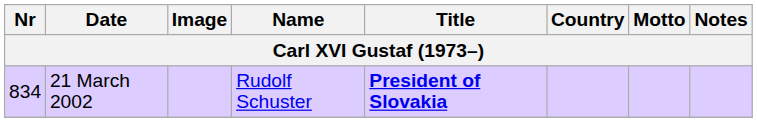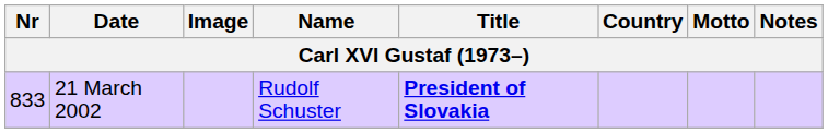 <table class="wikitable" width=100%>
 <tr>
 <th>Nr</th>
 <th>Date</th>
 <th>Image</th>
 <th>Name</th>
 <th>Title</th>
 <th>Country</th>
 <th>Motto</th>
 <th>Notes</th>
 </tr>
 <tr>
 <th colspan=8>Carl XVI Gustaf (1973–)</th>
 </tr>
 <tr bgcolor="#DDCCFF">
-<td>834</td>
+<td>833</td>
 <td>21 March 2002</td>
 <td></td>
 <td><a href='#'>Rudolf Schuster</a></td>
 <td><strong><a href='#'>President of Slovakia</a></strong></td>
 <td></td>
 <td></td>
 <td></td>
 </tr>
 <tr>
 </tr>
 </table>
